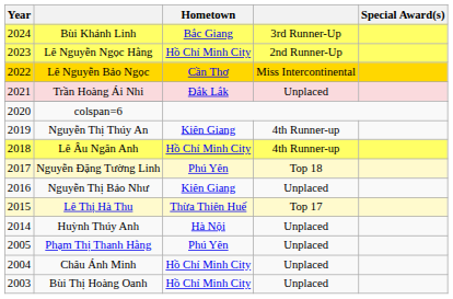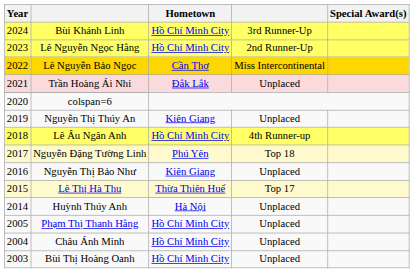 <table class="wikitable " style="font-size: 90%; text-align:center;">
 <tr>
 <th>Year</th>
 <th></th>
 <th>Hometown</th>
 <th></th>
 <th>Special Award(s)</th>
 </tr>
 <tr style="background-color:#FFFF66; ">
 <td>2024</td>
 <td>Bùi Khánh Linh</td>
-<td><a href='#'>Bắc Giang</a></td>
+<td><a href='#'>Hồ Chí Minh City</a></td>
 <td>3rd Runner-Up</td>
 <td style="background:;"></td>
 </tr>
 <tr style="background-color:#FFFF66; ">
 <td>2023</td>
 <td>Lê Nguyễn Ngọc Hằng</td>
 <td><a href='#'>Hồ Chí Minh City</a></td>
 <td>2nd Runner-Up</td>
 <td style="background:;"></td>
 </tr>
 <tr style="background-color:GOLD; ">
 <td>2022</td>
 <td>Lê Nguyễn Bảo Ngọc</td>
 <td><a href='#'>Cần Thơ</a></td>
 <td>Miss Intercontinental</td>
 <td style="background:;"></td>
 </tr>
 <tr style="background-color:#FADADD;">
 <td>2021</td>
 <td>Trần Hoàng Ái Nhi</td>
 <td><a href='#'>Đắk Lắk</a></td>
 <td>Unplaced</td>
 <td style="background:;"></td>
 </tr>
 <tr>
 </tr>
 <tr>
 <td>2020</td>
 <td>colspan=6 </td>
 </tr>
 <tr>
 <td>2019</td>
 <td>Nguyễn Thị Thúy An</td>
 <td><a href='#'>Kiên Giang</a></td>
-<td>4th Runner-up</td>
+<td>Unplaced</td>
 <td></td>
 </tr>
 <tr style="background-color:#FFFF66; ">
 <td>2018</td>
 <td>Lê Âu Ngân Anh</td>
 <td><a href='#'>Hồ Chí Minh City</a></td>
 <td>4th Runner-up</td>
 <td style="background:;"></td>
 </tr>
 <tr style="background-color:#FFFACD; ">
 <td>2017</td>
 <td>Nguyễn Đặng Tường Linh</td>
 <td><a href='#'>Phú Yên</a></td>
 <td>Top 18</td>
 <td style="background:;"></td>
 </tr>
 <tr>
 <td>2016</td>
 <td>Nguyễn Thị Bảo Như</td>
 <td><a href='#'>Kiên Giang</a></td>
 <td>Unplaced</td>
 <td></td>
 </tr>
 <tr style="background-color:#FFFACD; ">
 <td>2015</td>
 <td><a href='#'>Lê Thị Hà Thu</a></td>
 <td><a href='#'>Thừa Thiên Huế</a></td>
 <td>Top 17</td>
 <td style="background:;"></td>
 </tr>
 <tr>
 <td>2014</td>
 <td>Huỳnh Thúy Anh</td>
 <td><a href='#'>Hà Nội</a></td>
 <td>Unplaced</td>
 <td></td>
 </tr>
 <tr>
 <td>2005</td>
 <td><a href='#'>Phạm Thị Thanh Hằng</a></td>
-<td><a href='#'>Phú Yên</a></td>
+<td><a href='#'>Hồ Chí Minh City</a></td>
 <td>Unplaced</td>
 <td></td>
 </tr>
 <tr>
 <td>2004</td>
 <td>Châu Ánh Minh</td>
 <td><a href='#'>Hồ Chí Minh City</a></td>
 <td>Unplaced</td>
 <td></td>
 </tr>
 <tr>
 <td>2003</td>
 <td>Bùi Thị Hoàng Oanh</td>
 <td><a href='#'>Hồ Chí Minh City</a></td>
 <td>Unplaced</td>
 <td></td>
 </tr>
 </table>
